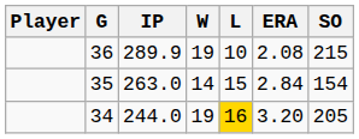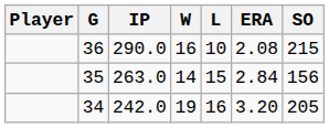 <table class="wikitable sortable">
 <tr>
 <th>Player</th>
 <th>G</th>
 <th>IP</th>
 <th>W</th>
 <th>L</th>
 <th>ERA</th>
 <th>SO</th>
 </tr>
 <tr align="center">
 <td></td>
 <td>36</td>
-<td>289.9</td>
-<td>19</td>
+<td>290.0</td>
+<td>16</td>
 <td>10</td>
 <td>2.08</td>
 <td>215</td>
 </tr>
 <tr align="center">
 <td></td>
 <td>35</td>
 <td>263.0</td>
 <td>14</td>
 <td>15</td>
 <td>2.84</td>
-<td>154</td>
+<td>156</td>
 </tr>
 <tr align="center">
 <td></td>
 <td>34</td>
-<td>244.0</td>
+<td>242.0</td>
 <td>19</td>
-<td style="background: gold;">16</td>
+<td>16</td>
 <td>3.20</td>
 <td>205</td>
 </tr>
 </table>
